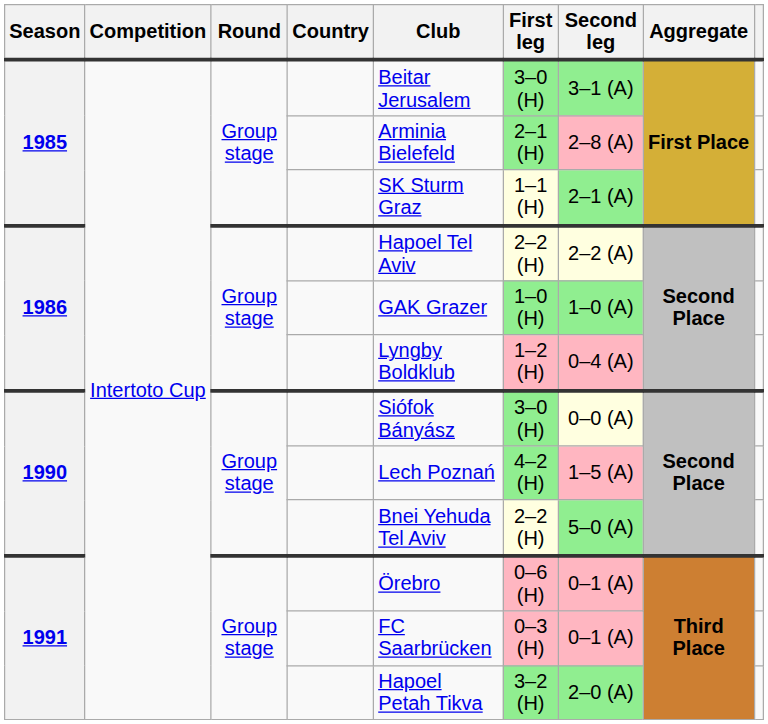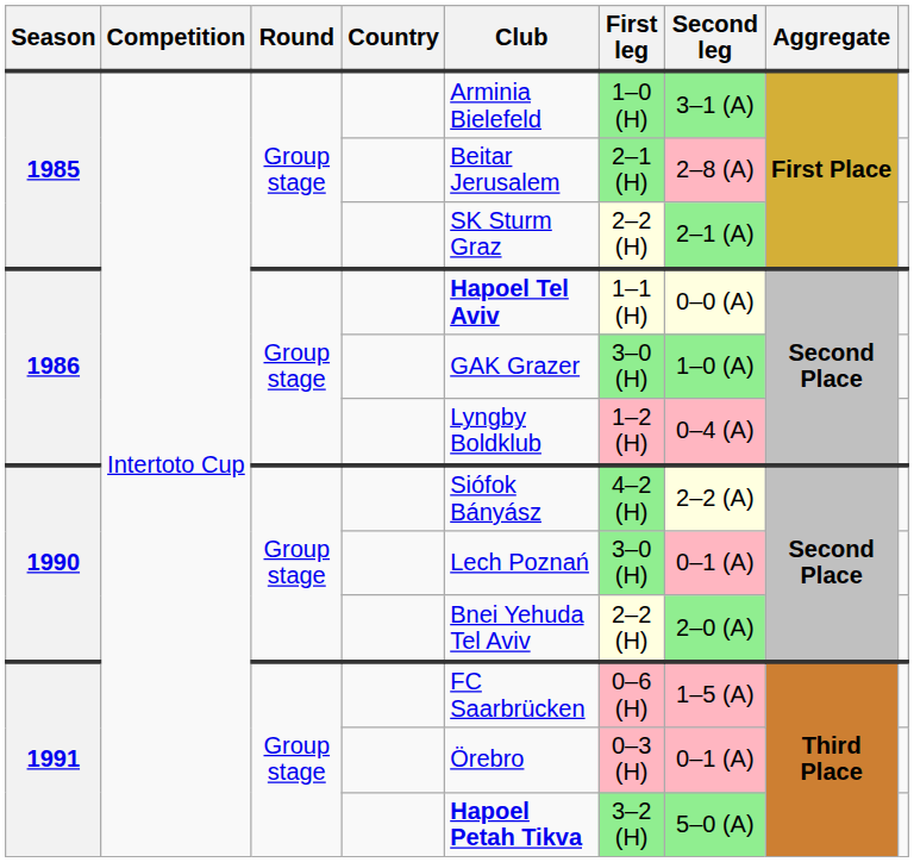 <table class="wikitable" style="text-align:center;">
 <tr>
 <th>Season</th>
 <th>Competition</th>
 <th>Round</th>
 <th>Country</th>
 <th>Club</th>
 <th>First leg</th>
 <th>Second leg</th>
 <th>Aggregate</th>
 <th></th>
 </tr>
 <tr style="border-top: 3px solid #333333;">
 <th rowspan=3><a href='#'>1985</a></th>
 <td rowspan=12><a href='#'>Intertoto Cup</a></td>
 <td rowspan=3><a href='#'>Group stage</a></td>
 <td></td>
-<td align=left><a href='#'>Beitar Jerusalem</a></td>
-<td bgcolor=lightgreen>3–0 (H)</td>
+<td align=left><a href='#'>Arminia Bielefeld</a></td>
+<td bgcolor=lightgreen>1–0 (H)</td>
 <td bgcolor=lightgreen>3–1 (A)</td>
 <td bgcolor=#D4AF37 rowspan=3><strong>First Place</strong></td>
 <td></td>
 </tr>
 <tr>
 <td></td>
-<td align=left><a href='#'>Arminia Bielefeld</a></td>
+<td align=left><a href='#'>Beitar Jerusalem</a></td>
 <td bgcolor=lightgreen>2–1 (H)</td>
 <td bgcolor=lightpink>2–8 (A)</td>
 <td></td>
 </tr>
 <tr>
 <td></td>
 <td align=left><a href='#'>SK Sturm Graz</a></td>
-<td bgcolor=lightyellow>1–1 (H)</td>
+<td bgcolor=lightyellow>2–2 (H)</td>
 <td bgcolor=lightgreen>2–1 (A)</td>
 </tr>
 <tr style="border-top: 3px solid #333333;">
 <th rowspan=3><a href='#'>1986</a></th>
 <td rowspan=3><a href='#'>Group stage</a></td>
 <td></td>
-<td align=left><a href='#'>Hapoel Tel Aviv</a></td>
-<td bgcolor=lightyellow>2–2 (H)</td>
-<td bgcolor=lightyellow>2–2 (A)</td>
+<td align=left><strong><a href='#'>Hapoel Tel Aviv</a></strong></td>
+<td bgcolor=lightyellow>1–1 (H)</td>
+<td bgcolor=lightyellow>0–0 (A)</td>
 <td bgcolor=#C0C0C0 rowspan=3><strong>Second Place</strong></td>
 <td></td>
 </tr>
 <tr>
 <td></td>
 <td align=left><a href='#'>GAK Grazer</a></td>
-<td bgcolor=lightgreen>1–0 (H)</td>
+<td bgcolor=lightgreen>3–0 (H)</td>
 <td bgcolor=lightgreen>1–0 (A)</td>
 <td></td>
 </tr>
 <tr>
 <td></td>
 <td align=left><a href='#'>Lyngby Boldklub</a></td>
 <td bgcolor=lightpink>1–2 (H)</td>
 <td bgcolor=lightpink>0–4 (A)</td>
 </tr>
 <tr style="border-top: 3px solid #333333;">
 <th rowspan=3><a href='#'>1990</a></th>
 <td rowspan=3><a href='#'>Group stage</a></td>
 <td></td>
 <td align=left><a href='#'>Siófok Bányász</a></td>
-<td bgcolor=lightgreen>3–0 (H)</td>
-<td bgcolor=lightyellow>0–0 (A)</td>
+<td bgcolor=lightgreen>4–2 (H)</td>
+<td bgcolor=lightyellow>2–2 (A)</td>
 <td bgcolor=#C0C0C0 rowspan=3><strong>Second Place</strong></td>
 <td></td>
 </tr>
 <tr>
 <td></td>
 <td align=left><a href='#'>Lech Poznań</a></td>
-<td bgcolor=lightgreen>4–2 (H)</td>
-<td bgcolor=lightpink>1–5 (A)</td>
+<td bgcolor=lightgreen>3–0 (H)</td>
+<td bgcolor=lightpink>0–1 (A)</td>
 <td></td>
 </tr>
 <tr>
 <td></td>
 <td align=left><a href='#'>Bnei Yehuda Tel Aviv</a></td>
 <td bgcolor=lightyellow>2–2 (H)</td>
-<td bgcolor=lightgreen>5–0 (A)</td>
+<td bgcolor=lightgreen>2–0 (A)</td>
 </tr>
 <tr style="border-top: 3px solid #333333;">
 <th rowspan=3><a href='#'>1991</a></th>
 <td rowspan=3><a href='#'>Group stage</a></td>
 <td></td>
-<td align=left><a href='#'>Örebro</a></td>
+<td align=left><a href='#'>FC Saarbrücken</a></td>
 <td bgcolor=lightpink>0–6 (H)</td>
-<td bgcolor=lightpink>0–1 (A)</td>
+<td bgcolor=lightpink>1–5 (A)</td>
 <td bgcolor=#CD7F32 rowspan=3><strong>Third Place</strong></td>
 <td></td>
 </tr>
 <tr>
 <td></td>
-<td align=left><a href='#'>FC Saarbrücken</a></td>
+<td align=left><a href='#'>Örebro</a></td>
 <td bgcolor=lightpink>0–3 (H)</td>
 <td bgcolor=lightpink>0–1 (A)</td>
 <td></td>
 </tr>
 <tr>
 <td></td>
-<td align=left><a href='#'>Hapoel Petah Tikva</a></td>
+<td align=left><strong><a href='#'>Hapoel Petah Tikva</a></strong></td>
 <td bgcolor=lightgreen>3–2 (H)</td>
-<td bgcolor=lightgreen>2–0 (A)</td>
+<td bgcolor=lightgreen>5–0 (A)</td>
 <td></td>
 </tr>
 </table>
